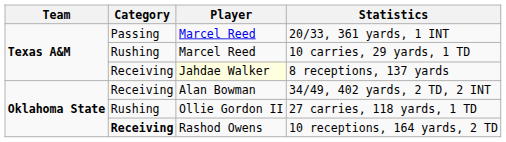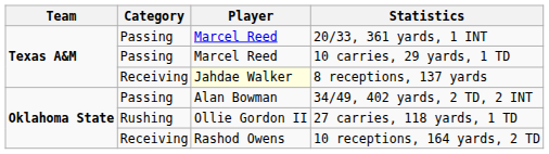 <table class="wikitable" style="float: right;">
 <tr>
 <th>Team</th>
 <th>Category</th>
 <th>Player</th>
 <th>Statistics</th>
 </tr>
 <tr>
 <td rowspan=3><strong>Texas A&M</strong></td>
 <td>Passing</td>
 <td><a href='#'>Marcel Reed</a></td>
 <td>20/33, 361 yards, 1 INT</td>
 </tr>
 <tr>
-<td>Rushing</td>
+<td>Passing</td>
 <td>Marcel Reed</td>
 <td>10 carries, 29 yards, 1 TD</td>
 </tr>
 <tr>
 <td>Receiving</td>
 <td style="background: lightyellow;">Jahdae Walker</td>
 <td>8 receptions, 137 yards</td>
 </tr>
 <tr>
 <td rowspan=3><strong>Oklahoma State</strong></td>
-<td>Receiving</td>
+<td>Passing</td>
 <td>Alan Bowman</td>
 <td>34/49, 402 yards, 2 TD, 2 INT</td>
 </tr>
 <tr>
 <td>Rushing</td>
 <td>Ollie Gordon II</td>
 <td>27 carries, 118 yards, 1 TD</td>
 </tr>
 <tr>
-<td><strong>Receiving</strong></td>
+<td>Receiving</td>
 <td>Rashod Owens</td>
 <td>10 receptions, 164 yards, 2 TD</td>
 </tr>
 </table>
